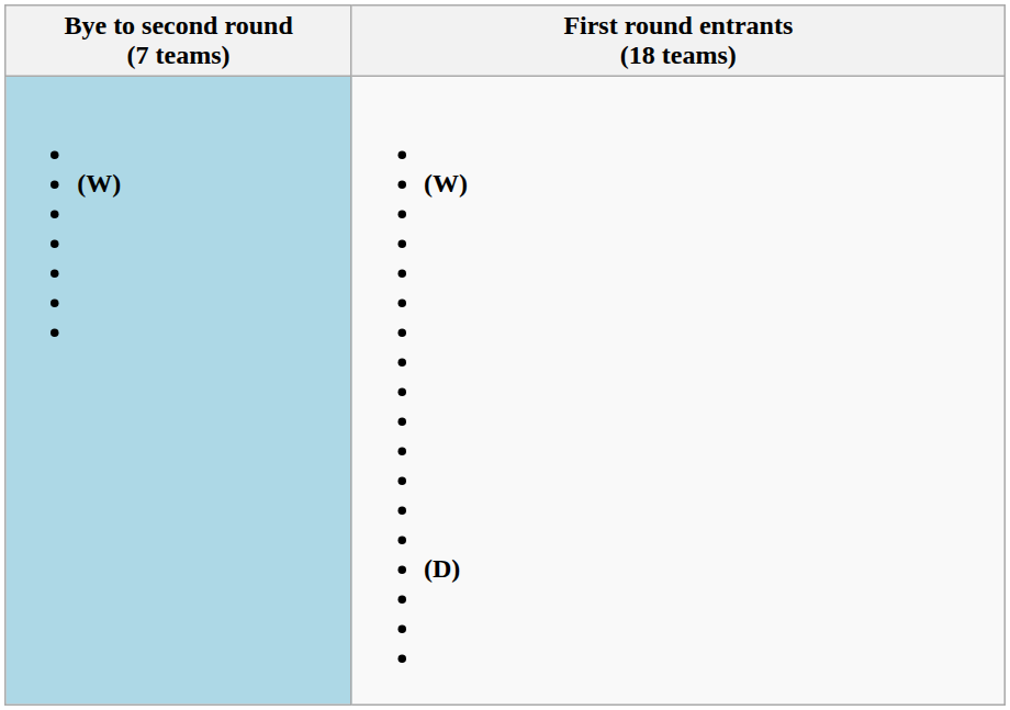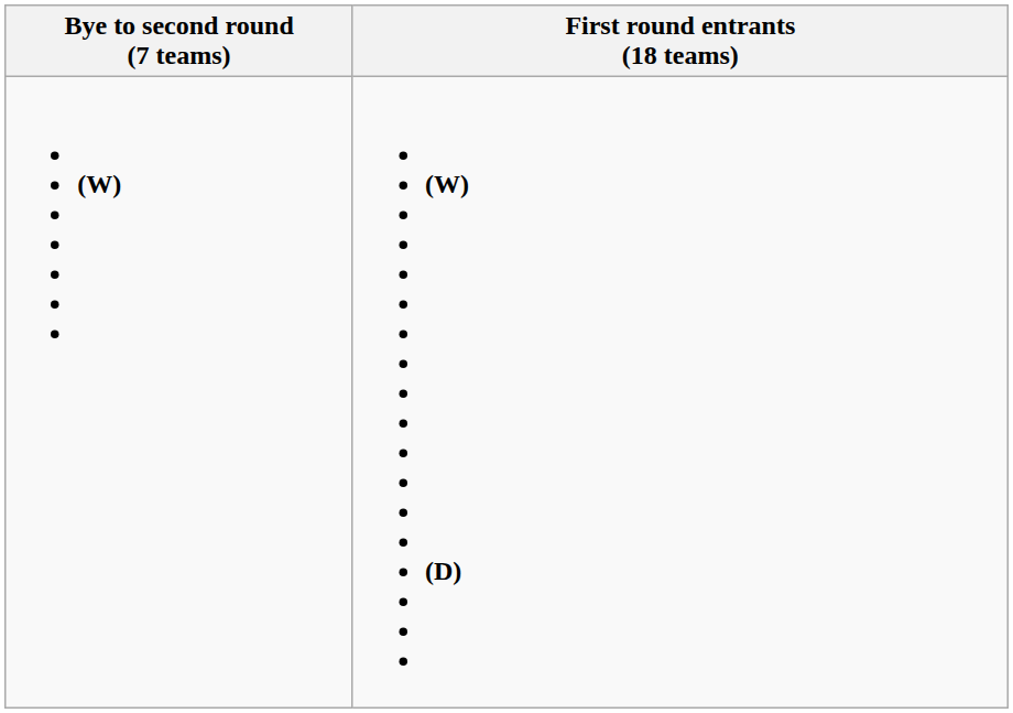 <table class="wikitable">
 <tr>
 <th width=250>Bye to second round<br>(7 teams)</th>
 <th width=500>First round entrants<br>(18 teams)</th>
 </tr>
 <tr>
-<td valign=top style="background: lightblue;"><br><ul><li></li><li> <strong>(W)</strong></li><li></li><li></li><li></li><li></li><li></li></ul></td>
+<td valign=top><br><ul><li></li><li> <strong>(W)</strong></li><li></li><li></li><li></li><li></li><li></li></ul></td>
 <td valign=top><br><ul><li></li><li> <strong>(W)</strong></li><li></li><li></li><li></li><li></li><li></li><li></li><li></li><li></li><li></li><li></li><li></li><li></li><li> <strong>(D)</strong></li><li></li><li></li><li></li></ul></td>
 </tr>
 </table>
